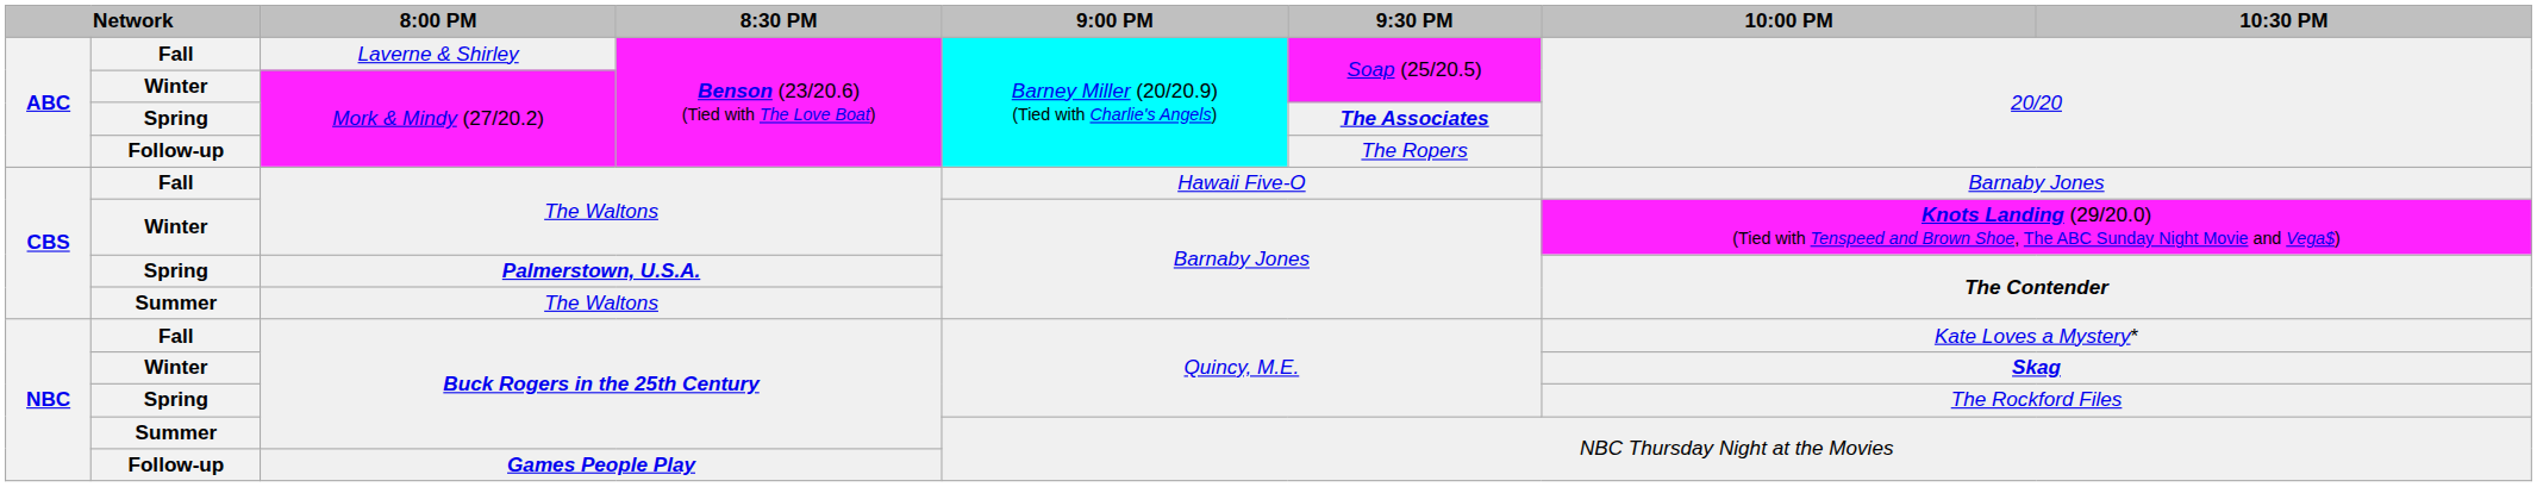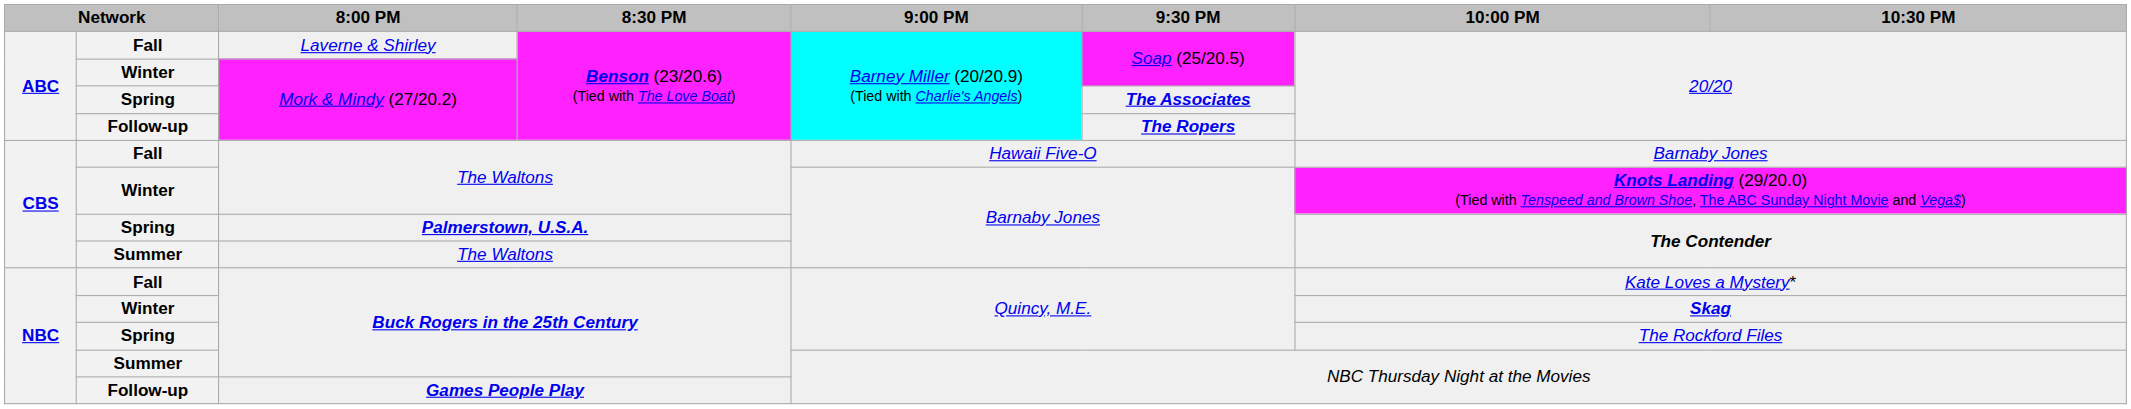 <table class="wikitable plainrowheaders" style="width:100%; margin:auto ;text-align:center;">
 <tr>
 <th colspan="2" style="background-color:#C0C0C0;text-align:center">Network</th>
 <th style="background-color:#C0C0C0;text-align:center">8:00 PM</th>
 <th style="background-color:#C0C0C0;text-align:center">8:30 PM</th>
 <th style="background-color:#C0C0C0;text-align:center">9:00 PM</th>
 <th style="background-color:#C0C0C0;text-align:center">9:30 PM</th>
 <th style="background-color:#C0C0C0;text-align:center">10:00 PM</th>
 <th style="background-color:#C0C0C0;text-align:center">10:30 PM</th>
 </tr>
 <tr>
 <th bgcolor="#C0C0C0" rowspan="4"><a href='#'>ABC</a></th>
 <th>Fall</th>
 <td bgcolor="#F0F0F0"><em><a href='#'>Laverne & Shirley</a></em></td>
 <td bgcolor="#FF22FF" rowspan="4"><strong><em><a href='#'>Benson</a></em></strong> (23/20.6)<br><small>(Tied with <em><a href='#'>The Love Boat</a></em>)</small></td>
 <td bgcolor="#00FFFF" rowspan="4"><em><a href='#'>Barney Miller</a></em> (20/20.9)<br><small>(Tied with <em><a href='#'>Charlie's Angels</a></em>)</small></td>
 <td bgcolor="#FF22FF" rowspan="2"><em><a href='#'>Soap</a></em> (25/20.5)</td>
 <td bgcolor="#F0F0F0" colspan="2" rowspan="4"><em><a href='#'>20/20</a></em></td>
 </tr>
 <tr>
 <th>Winter</th>
 <td bgcolor="#FF22FF" rowspan="3"><em><a href='#'>Mork & Mindy</a></em> (27/20.2)</td>
 </tr>
 <tr>
 <th>Spring</th>
 <td bgcolor="#F0F0F0"bgcolor="#F0F0F0"><strong><em><a href='#'>The Associates</a></em></strong></td>
 </tr>
 <tr>
 <th>Follow-up</th>
-<td bgcolor="#F0F0F0"bgcolor="#F0F0F0"><em><a href='#'>The Ropers</a></em></td>
+<td bgcolor="#F0F0F0"bgcolor="#F0F0F0"><strong><em><a href='#'>The Ropers</a></em></strong></td>
 </tr>
 <tr>
 <th bgcolor="#C0C0C0" rowspan="4"><a href='#'>CBS</a></th>
 <th>Fall</th>
 <td bgcolor="#F0F0F0" colspan="2" rowspan="2"><em><a href='#'>The Waltons</a></em></td>
 <td bgcolor="#F0F0F0" colspan="2" bgcolor="#F0F0F0"><em><a href='#'>Hawaii Five-O</a></em></td>
 <td bgcolor="#F0F0F0" colspan="2" bgcolor="#F0F0F0"><em><a href='#'>Barnaby Jones</a></em></td>
 </tr>
 <tr>
 <th>Winter</th>
 <td bgcolor="#F0F0F0" colspan="2" rowspan="3"><em><a href='#'>Barnaby Jones</a></em></td>
 <td bgcolor="#FF22FF" colspan="2"><strong><em><a href='#'>Knots Landing</a></em></strong> (29/20.0)<br><small>(Tied with <em><a href='#'>Tenspeed and Brown Shoe</a></em>, <a href='#'>The ABC Sunday Night Movie</a> and <em><a href='#'>Vega$</a></em>)</small></td>
 </tr>
 <tr>
 <th>Spring</th>
 <td bgcolor="#F0F0F0" colspan="2"><strong><em><a href='#'>Palmerstown, U.S.A.</a></em></strong></td>
 <td bgcolor="#F0F0F0" colspan="2" rowspan="2"><strong><em>The Contender</em></strong></td>
 </tr>
 <tr>
 <th>Summer</th>
 <td bgcolor="#F0F0F0" colspan="2"><em><a href='#'>The Waltons</a></em></td>
 </tr>
 <tr>
 <th rowspan="5" bgcolor="#C0C0C0"><a href='#'>NBC</a></th>
 <th>Fall</th>
 <td colspan="2" rowspan="4" bgcolor="#F0F0F0"><strong><em><a href='#'>Buck Rogers in the 25th Century</a></em></strong></td>
 <td colspan="2" rowspan="3" bgcolor="#F0F0F0"><em><a href='#'>Quincy, M.E.</a></em></td>
 <td colspan="2" bgcolor="#F0F0F0"><em><a href='#'>Kate Loves a Mystery</a></em>*</td>
 </tr>
 <tr>
 <th>Winter</th>
 <td colspan="2" bgcolor="#F0F0F0"><strong><em><a href='#'>Skag</a></em></strong></td>
 </tr>
 <tr>
 <th>Spring</th>
 <td colspan="2" bgcolor="#F0F0F0"><em><a href='#'>The Rockford Files</a></em></td>
 </tr>
 <tr>
 <th>Summer</th>
 <td colspan="4" rowspan="2" bgcolor="#F0F0F0"><em>NBC Thursday Night at the Movies</em></td>
 </tr>
 <tr>
 <th>Follow-up</th>
 <td colspan="2" bgcolor="#F0F0F0"><strong><em><a href='#'><strong>Games People Play</strong></a></em></strong></td>
 </tr>
 </table>
